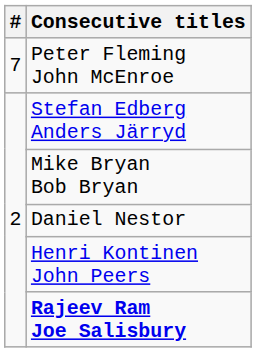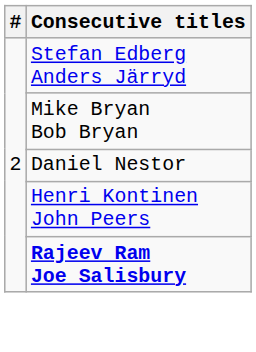 <table class="wikitable" style="display:inline-table;">
 <tr>
 <th>#</th>
 <th>Consecutive titles</th>
-</tr>
-<tr>
-<td style="text-align: center;">7</td>
-<td> Peter Fleming<br> John McEnroe</td>
 </tr>
 <tr>
 <td rowspan="5" style="text-align: center;">2</td>
 <td> <a href='#'>Stefan Edberg</a><br> <a href='#'>Anders Järryd</a></td>
 </tr>
 <tr>
 <td> Mike Bryan<br> Bob Bryan</td>
 </tr>
 <tr>
 <td> Daniel Nestor </td>
 </tr>
 <tr>
 <td> <a href='#'>Henri Kontinen</a><br> <a href='#'>John Peers</a></td>
 </tr>
 <tr>
 <td> <strong><a href='#'>Rajeev Ram</a></strong><br> <strong><a href='#'>Joe Salisbury</a></strong></td>
 </tr>
 </table>
